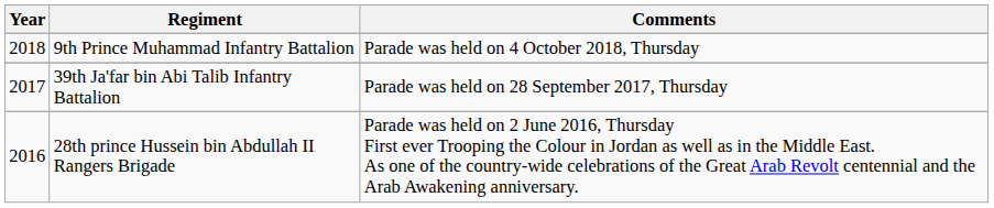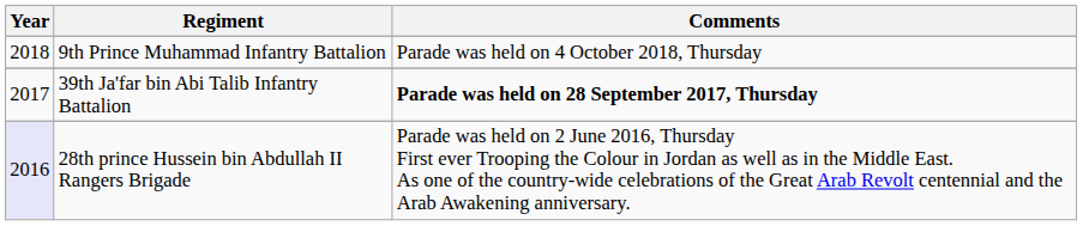 <table class="wikitable sortable">
 <tr>
 <th>Year</th>
 <th>Regiment</th>
 <th>Comments</th>
 </tr>
 <tr>
 </tr>
 <tr>
 <td>2018</td>
 <td>9th Prince Muhammad Infantry Battalion</td>
 <td>Parade was held on 4 October 2018, Thursday</td>
 </tr>
 <tr>
 </tr>
 <tr>
 <td>2017</td>
 <td>39th Ja'far bin Abi Talib Infantry Battalion</td>
-<td>Parade was held on 28 September 2017, Thursday</td>
+<td><strong>Parade was held on 28 September 2017, Thursday</strong></td>
 </tr>
 <tr>
 </tr>
 <tr>
-<td>2016</td>
+<td style="background: lavender;">2016</td>
 <td>28th prince Hussein bin Abdullah II Rangers Brigade</td>
 <td>Parade was held on 2 June 2016, Thursday<br>First ever Trooping the Colour in Jordan as well as in the Middle East.<br>As one of the country-wide celebrations of the Great <a href='#'>Arab Revolt</a> centennial and the Arab Awakening anniversary.</td>
 </tr>
 </table>
